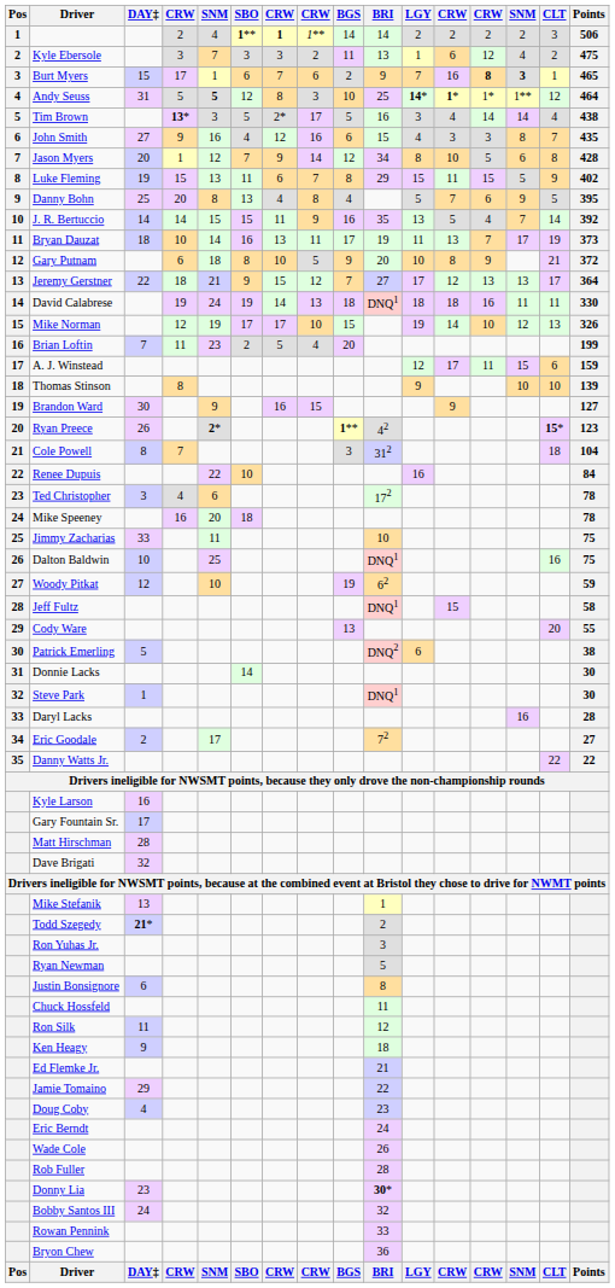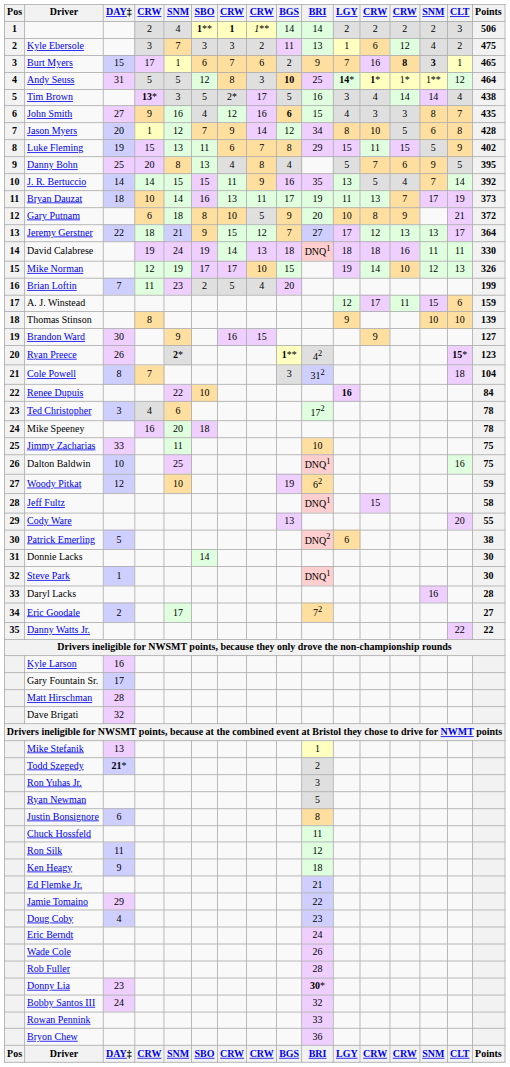 <table class="wikitable" style="font-size:77%; text-align:center;">
 <tr valign="center">
 <th valign="middle">Pos</th>
 <th valign="middle">Driver</th>
 <th><a href='#'>DAY</a>‡</th>
 <th><a href='#'>CRW</a></th>
 <th><a href='#'>SNM</a></th>
 <th><a href='#'>SBO</a></th>
 <th><a href='#'>CRW</a></th>
 <th><a href='#'>CRW</a></th>
 <th><a href='#'>BGS</a></th>
 <th><a href='#'>BRI</a></th>
 <th><a href='#'>LGY</a></th>
 <th><a href='#'>CRW</a></th>
 <th><a href='#'>CRW</a></th>
 <th><a href='#'>SNM</a></th>
 <th><a href='#'>CLT</a></th>
 <th valign="middle">Points</th>
 </tr>
 <tr>
 <th>1</th>
 <td align="left"></td>
 <td></td>
 <td style="background:#DFDFDF;">2</td>
 <td style="background:#DFDFDF;">4</td>
 <td style="background:#FFFFBF;"><strong>1</strong>**</td>
 <td style="background:#FFFFBF;"><strong>1</strong></td>
 <td style="background:#FFFFBF;"><em>1</em>**</td>
 <td style="background:#DFFFDF;">14</td>
 <td style="background:#DFFFDF;">14</td>
 <td style="background:#DFDFDF;">2</td>
 <td style="background:#DFDFDF;">2</td>
 <td style="background:#DFDFDF;">2</td>
 <td style="background:#DFDFDF;">2</td>
 <td style="background:#DFDFDF;">3</td>
 <th>506</th>
 </tr>
 <tr>
 <th>2</th>
 <td align="left"><a href='#'>Kyle Ebersole</a></td>
 <td></td>
 <td style="background:#DFDFDF;">3</td>
 <td style="background:#FFDF9F;">7</td>
 <td style="background:#DFDFDF;">3</td>
 <td style="background:#DFDFDF;">3</td>
 <td style="background:#DFDFDF;">2</td>
 <td style="background:#EFCFFF;">11</td>
 <td style="background:#DFFFDF;">13</td>
 <td style="background:#FFFFBF;">1</td>
 <td style="background:#FFDF9F;">6</td>
 <td style="background:#DFFFDF;">12</td>
 <td style="background:#DFDFDF;">4</td>
 <td style="background:#DFDFDF;">2</td>
 <th>475</th>
 </tr>
 <tr>
 <th>3</th>
 <td align="left"><a href='#'>Burt Myers</a></td>
 <td style="background:#CFCFFF;">15</td>
 <td style="background:#EFCFFF;">17</td>
 <td style="background:#FFFFBF;">1</td>
 <td style="background:#FFDF9F;">6</td>
 <td style="background:#FFDF9F;">7</td>
 <td style="background:#FFDF9F;">6</td>
 <td style="background:#DFDFDF;">2</td>
 <td style="background:#FFDF9F;">9</td>
 <td style="background:#FFDF9F;">7</td>
 <td style="background:#EFCFFF;">16</td>
 <td style="background:#FFDF9F;"><strong>8</strong></td>
 <td style="background:#DFDFDF;"><strong>3</strong></td>
 <td style="background:#FFFFBF;">1</td>
 <th>465</th>
 </tr>
 <tr>
 <th>4</th>
 <td align="left"><a href='#'>Andy Seuss</a></td>
 <td style="background:#EFCFFF;">31</td>
 <td style="background:#DFDFDF;">5</td>
-<td style="background:#DFDFDF;"><strong>5</strong></td>
+<td style="background:#DFDFDF;">5</td>
 <td style="background:#DFFFDF;">12</td>
 <td style="background:#FFDF9F;">8</td>
 <td style="background:#DFDFDF;">3</td>
-<td style="background:#FFDF9F;">10</td>
+<td style="background:#FFDF9F;"><strong>10</strong></td>
 <td style="background:#EFCFFF;">25</td>
 <td style="background:#DFFFDF;"><strong>14</strong>*</td>
 <td style="background:#FFFFBF;"><strong>1</strong>*</td>
 <td style="background:#FFFFBF;">1*</td>
 <td style="background:#FFFFBF;">1**</td>
 <td style="background:#DFFFDF;">12</td>
 <th>464</th>
 </tr>
 <tr>
 <th>5</th>
 <td align="left"><a href='#'>Tim Brown</a></td>
 <td></td>
 <td style="background:#EFCFFF;"><strong>13</strong>*</td>
 <td style="background:#DFDFDF;">3</td>
 <td style="background:#DFDFDF;">5</td>
 <td style="background:#DFDFDF;">2*</td>
 <td style="background:#EFCFFF;">17</td>
 <td style="background:#DFDFDF;">5</td>
 <td style="background:#DFFFDF;">16</td>
 <td style="background:#DFDFDF;">3</td>
 <td style="background:#DFDFDF;">4</td>
 <td style="background:#DFFFDF;">14</td>
 <td style="background:#EFCFFF;">14</td>
 <td style="background:#DFDFDF;">4</td>
 <th>438</th>
 </tr>
 <tr>
 <th>6</th>
 <td align="left"><a href='#'>John Smith</a></td>
 <td style="background:#EFCFFF;">27</td>
 <td style="background:#FFDF9F;">9</td>
 <td style="background:#DFFFDF;">16</td>
 <td style="background:#DFDFDF;">4</td>
 <td style="background:#DFFFDF;">12</td>
 <td style="background:#EFCFFF;">16</td>
-<td style="background:#FFDF9F;">6</td>
+<td style="background:#FFDF9F;"><strong>6</strong></td>
 <td style="background:#DFFFDF;">15</td>
 <td style="background:#DFDFDF;">4</td>
 <td style="background:#DFDFDF;">3</td>
 <td style="background:#DFDFDF;">3</td>
 <td style="background:#FFDF9F;">8</td>
 <td style="background:#FFDF9F;">7</td>
 <th>435</th>
 </tr>
 <tr>
 <th>7</th>
 <td align="left"><a href='#'>Jason Myers</a></td>
 <td style="background:#CFCFFF;">20</td>
 <td style="background:#FFFFBF;">1</td>
 <td style="background:#DFFFDF;">12</td>
 <td style="background:#FFDF9F;">7</td>
 <td style="background:#FFDF9F;">9</td>
 <td style="background:#EFCFFF;">14</td>
 <td style="background:#DFFFDF;">12</td>
 <td style="background:#EFCFFF;">34</td>
 <td style="background:#FFDF9F;">8</td>
 <td style="background:#FFDF9F;">10</td>
 <td style="background:#DFDFDF;">5</td>
 <td style="background:#FFDF9F;">6</td>
 <td style="background:#FFDF9F;">8</td>
 <th>428</th>
 </tr>
 <tr>
 <th>8</th>
 <td align="left"><a href='#'>Luke Fleming</a></td>
 <td style="background:#CFCFFF;">19</td>
 <td style="background:#EFCFFF;">15</td>
 <td style="background:#DFFFDF;">13</td>
 <td style="background:#DFFFDF;">11</td>
 <td style="background:#FFDF9F;">6</td>
 <td style="background:#FFDF9F;">7</td>
 <td style="background:#FFDF9F;">8</td>
 <td style="background:#EFCFFF;">29</td>
 <td style="background:#EFCFFF;">15</td>
 <td style="background:#DFFFDF;">11</td>
 <td style="background:#EFCFFF;">15</td>
 <td style="background:#DFDFDF;">5</td>
 <td style="background:#FFDF9F;">9</td>
 <th>402</th>
 </tr>
 <tr>
 <th>9</th>
 <td align="left"><a href='#'>Danny Bohn</a></td>
 <td style="background:#EFCFFF;">25</td>
 <td style="background:#EFCFFF;">20</td>
 <td style="background:#FFDF9F;">8</td>
 <td style="background:#DFFFDF;">13</td>
 <td style="background:#DFDFDF;">4</td>
 <td style="background:#FFDF9F;">8</td>
 <td style="background:#DFDFDF;">4</td>
 <td></td>
 <td style="background:#DFDFDF;">5</td>
 <td style="background:#FFDF9F;">7</td>
 <td style="background:#FFDF9F;">6</td>
 <td style="background:#FFDF9F;">9</td>
 <td style="background:#DFDFDF;">5</td>
 <th>395</th>
 </tr>
 <tr>
 <th>10</th>
 <td align="left"><a href='#'>J. R. Bertuccio</a></td>
 <td style="background:#CFCFFF;">14</td>
 <td style="background:#DFFFDF;">14</td>
 <td style="background:#DFFFDF;">15</td>
 <td style="background:#EFCFFF;">15</td>
 <td style="background:#DFFFDF;">11</td>
 <td style="background:#FFDF9F;">9</td>
 <td style="background:#EFCFFF;">16</td>
 <td style="background:#EFCFFF;">35</td>
 <td style="background:#DFFFDF;">13</td>
 <td style="background:#DFDFDF;">5</td>
 <td style="background:#DFDFDF;">4</td>
 <td style="background:#FFDF9F;">7</td>
 <td style="background:#DFFFDF;">14</td>
 <th>392</th>
 </tr>
 <tr>
 <th>11</th>
 <td align="left"><a href='#'>Bryan Dauzat</a></td>
 <td style="background:#CFCFFF;">18</td>
 <td style="background:#FFDF9F;">10</td>
 <td style="background:#DFFFDF;">14</td>
 <td style="background:#EFCFFF;">16</td>
 <td style="background:#DFFFDF;">13</td>
 <td style="background:#DFFFDF;">11</td>
 <td style="background:#DFFFDF;">17</td>
 <td style="background:#DFFFDF;">19</td>
 <td style="background:#DFFFDF;">11</td>
 <td style="background:#DFFFDF;">13</td>
 <td style="background:#FFDF9F;">7</td>
 <td style="background:#EFCFFF;">17</td>
 <td style="background:#EFCFFF;">19</td>
 <th>373</th>
 </tr>
 <tr>
 <th>12</th>
 <td align="left"><a href='#'>Gary Putnam</a></td>
 <td></td>
 <td style="background:#FFDF9F;">6</td>
 <td style="background:#DFFFDF;">18</td>
 <td style="background:#FFDF9F;">8</td>
 <td style="background:#FFDF9F;">10</td>
 <td style="background:#DFDFDF;">5</td>
 <td style="background:#FFDF9F;">9</td>
 <td style="background:#DFFFDF;">20</td>
 <td style="background:#FFDF9F;">10</td>
 <td style="background:#FFDF9F;">8</td>
 <td style="background:#FFDF9F;">9</td>
 <td></td>
 <td style="background:#EFCFFF;">21</td>
 <th>372</th>
 </tr>
 <tr>
 <th>13</th>
 <td align="left"><a href='#'>Jeremy Gerstner</a></td>
 <td style="background:#CFCFFF;">22</td>
 <td style="background:#DFFFDF;">18</td>
 <td style="background:#CFCFFF;">21</td>
 <td style="background:#FFDF9F;">9</td>
 <td style="background:#DFFFDF;">15</td>
 <td style="background:#DFFFDF;">12</td>
 <td style="background:#FFDF9F;">7</td>
 <td style="background:#CFCFFF;">27</td>
 <td style="background:#EFCFFF;">17</td>
 <td style="background:#DFFFDF;">12</td>
 <td style="background:#DFFFDF;">13</td>
 <td style="background:#DFFFDF;">13</td>
 <td style="background:#EFCFFF;">17</td>
 <th>364</th>
 </tr>
 <tr>
 <th>14</th>
 <td align="left">David Calabrese</td>
 <td></td>
 <td style="background:#EFCFFF;">19</td>
 <td style="background:#EFCFFF;">24</td>
 <td style="background:#EFCFFF;">19</td>
 <td style="background:#DFFFDF;">14</td>
 <td style="background:#EFCFFF;">13</td>
 <td style="background:#EFCFFF;">18</td>
 <td style="background:#FFCFCF;">DNQ<sup>1</sup></td>
 <td style="background:#EFCFFF;">18</td>
 <td style="background:#EFCFFF;">18</td>
 <td style="background:#EFCFFF;">16</td>
 <td style="background:#DFFFDF;">11</td>
 <td style="background:#DFFFDF;">11</td>
 <th>330</th>
 </tr>
 <tr>
 <th>15</th>
 <td align="left"><a href='#'>Mike Norman</a></td>
 <td></td>
 <td style="background:#DFFFDF;">12</td>
 <td style="background:#DFFFDF;">19</td>
 <td style="background:#EFCFFF;">17</td>
 <td style="background:#EFCFFF;">17</td>
 <td style="background:#FFDF9F;">10</td>
 <td style="background:#DFFFDF;">15</td>
 <td></td>
 <td style="background:#EFCFFF;">19</td>
 <td style="background:#DFFFDF;">14</td>
 <td style="background:#FFDF9F;">10</td>
 <td style="background:#DFFFDF;">12</td>
 <td style="background:#DFFFDF;">13</td>
 <th>326</th>
 </tr>
 <tr>
 <th>16</th>
 <td align="left"><a href='#'>Brian Loftin</a></td>
 <td style="background:#CFCFFF;">7</td>
 <td style="background:#DFFFDF;">11</td>
 <td style="background:#EFCFFF;">23</td>
 <td style="background:#DFDFDF;">2</td>
 <td style="background:#DFDFDF;">5</td>
 <td style="background:#DFDFDF;">4</td>
 <td style="background:#EFCFFF;">20</td>
 <td></td>
 <td></td>
 <td></td>
 <td></td>
 <td></td>
 <td></td>
 <th>199</th>
 </tr>
 <tr>
 <th>17</th>
 <td align="left">A. J. Winstead</td>
 <td></td>
 <td></td>
 <td></td>
 <td></td>
 <td></td>
 <td></td>
 <td></td>
 <td></td>
 <td style="background:#DFFFDF;">12</td>
 <td style="background:#EFCFFF;">17</td>
 <td style="background:#DFFFDF;">11</td>
 <td style="background:#EFCFFF;">15</td>
 <td style="background:#FFDF9F;">6</td>
 <th>159</th>
 </tr>
 <tr>
 <th>18</th>
 <td align="left">Thomas Stinson</td>
 <td></td>
 <td style="background:#FFDF9F;">8</td>
 <td></td>
 <td></td>
 <td></td>
 <td></td>
 <td></td>
 <td></td>
 <td style="background:#FFDF9F;">9</td>
 <td></td>
 <td></td>
 <td style="background:#FFDF9F;">10</td>
 <td style="background:#FFDF9F;">10</td>
 <th>139</th>
 </tr>
 <tr>
 <th>19</th>
 <td align="left"><a href='#'>Brandon Ward</a></td>
 <td style="background:#EFCFFF;">30</td>
 <td></td>
 <td style="background:#FFDF9F;">9</td>
 <td></td>
 <td style="background:#EFCFFF;">16</td>
 <td style="background:#EFCFFF;">15</td>
 <td></td>
 <td></td>
 <td></td>
 <td style="background:#FFDF9F;">9</td>
 <td></td>
 <td></td>
 <td></td>
 <th>127</th>
 </tr>
 <tr>
 <th>20</th>
 <td align="left"><a href='#'>Ryan Preece</a></td>
 <td style="background:#EFCFFF;">26</td>
 <td></td>
 <td style="background:#DFDFDF;"><strong>2</strong>*</td>
 <td></td>
 <td></td>
 <td></td>
 <td style="background:#FFFFBF;"><strong>1</strong>**</td>
 <td style="background:#DFDFDF;">4<sup>2</sup></td>
 <td></td>
 <td></td>
 <td></td>
 <td></td>
 <td style="background:#EFCFFF;"><strong>15</strong>*</td>
 <th>123</th>
 </tr>
 <tr>
 <th>21</th>
 <td align="left"><a href='#'>Cole Powell</a></td>
 <td style="background:#CFCFFF;">8</td>
 <td style="background:#FFDF9F;">7</td>
 <td></td>
 <td></td>
 <td></td>
 <td></td>
 <td style="background:#DFDFDF;">3</td>
 <td style="background:#CFCFFF;">31<sup>2</sup></td>
 <td></td>
 <td></td>
 <td></td>
 <td></td>
 <td style="background:#EFCFFF;">18</td>
 <th>104</th>
 </tr>
 <tr>
 <th>22</th>
 <td align="left"><a href='#'>Renee Dupuis</a></td>
 <td></td>
 <td></td>
 <td style="background:#EFCFFF;">22</td>
 <td style="background:#FFDF9F;">10</td>
 <td></td>
 <td></td>
 <td></td>
 <td></td>
-<td style="background:#EFCFFF;">16</td>
+<td style="background:#EFCFFF;"><strong>16</strong></td>
 <td></td>
 <td></td>
 <td></td>
 <td></td>
 <th>84</th>
 </tr>
 <tr>
 <th>23</th>
 <td align="left"><a href='#'>Ted Christopher</a></td>
 <td style="background:#CFCFFF;">3</td>
 <td style="background:#DFDFDF;">4</td>
 <td style="background:#FFDF9F;">6</td>
 <td></td>
 <td></td>
 <td></td>
 <td></td>
 <td style="background:#DFFFDF;">17<sup>2</sup></td>
 <td></td>
 <td></td>
 <td></td>
 <td></td>
 <td></td>
 <th>78</th>
 </tr>
 <tr>
 <th>24</th>
 <td align="left">Mike Speeney</td>
 <td></td>
 <td style="background:#EFCFFF;">16</td>
 <td style="background:#DFFFDF;">20</td>
 <td style="background:#EFCFFF;">18</td>
 <td></td>
 <td></td>
 <td></td>
 <td></td>
 <td></td>
 <td></td>
 <td></td>
 <td></td>
 <td></td>
 <th>78</th>
 </tr>
 <tr>
 <th>25</th>
 <td align="left"><a href='#'>Jimmy Zacharias</a></td>
 <td style="background:#EFCFFF;">33</td>
 <td></td>
 <td style="background:#DFFFDF;">11</td>
 <td></td>
 <td></td>
 <td></td>
 <td></td>
 <td style="background:#FFDF9F;">10</td>
 <td></td>
 <td></td>
 <td></td>
 <td></td>
 <td></td>
 <th>75</th>
 </tr>
 <tr>
 <th>26</th>
 <td align="left">Dalton Baldwin</td>
 <td style="background:#CFCFFF;">10</td>
 <td></td>
 <td style="background:#EFCFFF;">25</td>
 <td></td>
 <td></td>
 <td></td>
 <td></td>
 <td style="background:#FFCFCF;">DNQ<sup>1</sup></td>
 <td></td>
 <td></td>
 <td></td>
 <td></td>
 <td style="background:#DFFFDF;">16</td>
 <th>75</th>
 </tr>
 <tr>
 <th>27</th>
 <td align="left"><a href='#'>Woody Pitkat</a></td>
 <td style="background:#CFCFFF;">12</td>
 <td></td>
 <td style="background:#FFDF9F;">10</td>
 <td></td>
 <td></td>
 <td></td>
 <td style="background:#EFCFFF;">19</td>
 <td style="background:#FFDF9F;">6<sup>2</sup></td>
 <td></td>
 <td></td>
 <td></td>
 <td></td>
 <td></td>
 <th>59</th>
 </tr>
 <tr>
 <th>28</th>
 <td align="left"><a href='#'>Jeff Fultz</a></td>
 <td></td>
 <td></td>
 <td></td>
 <td></td>
 <td></td>
 <td></td>
 <td></td>
 <td style="background:#FFCFCF;">DNQ<sup>1</sup></td>
 <td></td>
 <td style="background:#EFCFFF;">15</td>
 <td></td>
 <td></td>
 <td></td>
 <th>58</th>
 </tr>
 <tr>
 <th>29</th>
 <td align="left"><a href='#'>Cody Ware</a></td>
 <td></td>
 <td></td>
 <td></td>
 <td></td>
 <td></td>
 <td></td>
 <td style="background:#EFCFFF;">13</td>
 <td></td>
 <td></td>
 <td></td>
 <td></td>
 <td></td>
 <td style="background:#EFCFFF;">20</td>
 <th>55</th>
 </tr>
 <tr>
 <th>30</th>
 <td align="left"><a href='#'>Patrick Emerling</a></td>
 <td style="background:#CFCFFF;">5</td>
 <td></td>
 <td></td>
 <td></td>
 <td></td>
 <td></td>
 <td></td>
 <td style="background:#FFCFCF;">DNQ<sup>2</sup></td>
 <td style="background:#FFDF9F;">6</td>
 <td></td>
 <td></td>
 <td></td>
 <td></td>
 <th>38</th>
 </tr>
 <tr>
 <th>31</th>
 <td align="left">Donnie Lacks</td>
 <td></td>
 <td></td>
 <td></td>
 <td style="background:#DFFFDF;">14</td>
 <td></td>
 <td></td>
 <td></td>
 <td></td>
 <td></td>
 <td></td>
 <td></td>
 <td></td>
 <td></td>
 <th>30</th>
 </tr>
 <tr>
 <th>32</th>
 <td align="left"><a href='#'>Steve Park</a></td>
 <td style="background:#CFCFFF;">1</td>
 <td></td>
 <td></td>
 <td></td>
 <td></td>
 <td></td>
 <td></td>
 <td style="background:#FFCFCF;">DNQ<sup>1</sup></td>
 <td></td>
 <td></td>
 <td></td>
 <td></td>
 <td></td>
 <th>30</th>
 </tr>
 <tr>
 <th>33</th>
 <td align="left">Daryl Lacks</td>
 <td></td>
 <td></td>
 <td></td>
 <td></td>
 <td></td>
 <td></td>
 <td></td>
 <td></td>
 <td></td>
 <td></td>
 <td></td>
 <td style="background:#EFCFFF;">16</td>
 <td></td>
 <th>28</th>
 </tr>
 <tr>
 <th>34</th>
 <td align="left"><a href='#'>Eric Goodale</a></td>
 <td style="background:#CFCFFF;">2</td>
 <td></td>
 <td style="background:#DFFFDF;">17</td>
 <td></td>
 <td></td>
 <td></td>
 <td></td>
 <td style="background:#FFDF9F;">7<sup>2</sup></td>
 <td></td>
 <td></td>
 <td></td>
 <td></td>
 <td></td>
 <th>27</th>
 </tr>
 <tr>
 <th>35</th>
 <td align="left"><a href='#'>Danny Watts Jr.</a></td>
 <td></td>
 <td></td>
 <td></td>
 <td></td>
 <td></td>
 <td></td>
 <td></td>
 <td></td>
 <td></td>
 <td></td>
 <td></td>
 <td></td>
 <td style="background:#EFCFFF;">22</td>
 <th>22</th>
 </tr>
 <tr>
 <th colspan=18>Drivers ineligible for NWSMT points, because they only drove the non-championship rounds</th>
 </tr>
 <tr>
 <th></th>
 <td align="left"><a href='#'>Kyle Larson</a></td>
 <td style="background:#EFCFFF;">16</td>
 <td></td>
 <td></td>
 <td></td>
 <td></td>
 <td></td>
 <td></td>
 <td></td>
 <td></td>
 <td></td>
 <td></td>
 <td></td>
 <td></td>
 <th></th>
 </tr>
 <tr>
 <th></th>
 <td align="left">Gary Fountain Sr.</td>
 <td style="background:#CFCFFF;">17</td>
 <td></td>
 <td></td>
 <td></td>
 <td></td>
 <td></td>
 <td></td>
 <td></td>
 <td></td>
 <td></td>
 <td></td>
 <td></td>
 <td></td>
 <th></th>
 </tr>
 <tr>
 <th></th>
 <td align="left"><a href='#'>Matt Hirschman</a></td>
 <td style="background:#EFCFFF;">28</td>
 <td></td>
 <td></td>
 <td></td>
 <td></td>
 <td></td>
 <td></td>
 <td></td>
 <td></td>
 <td></td>
 <td></td>
 <td></td>
 <td></td>
 <th></th>
 </tr>
 <tr>
 <th></th>
 <td align="left">Dave Brigati</td>
 <td style="background:#EFCFFF;">32</td>
 <td></td>
 <td></td>
 <td></td>
 <td></td>
 <td></td>
 <td></td>
 <td></td>
 <td></td>
 <td></td>
 <td></td>
 <td></td>
 <td></td>
 <th></th>
 </tr>
 <tr>
 <th colspan=18>Drivers ineligible for NWSMT points, because at the combined event at Bristol they chose to drive for <a href='#'>NWMT</a> points</th>
 </tr>
 <tr>
 <th></th>
 <td align="left"><a href='#'>Mike Stefanik</a></td>
 <td style="background:#EFCFFF;">13</td>
 <td></td>
 <td></td>
 <td></td>
 <td></td>
 <td></td>
 <td></td>
 <td style="background:#FFFFBF;">1</td>
 <td></td>
 <td></td>
 <td></td>
 <td></td>
 <td></td>
 <th></th>
 </tr>
 <tr>
 <th></th>
 <td align="left"><a href='#'>Todd Szegedy</a></td>
 <td style="background:#CFCFFF;"><strong>21</strong>*</td>
 <td></td>
 <td></td>
 <td></td>
 <td></td>
 <td></td>
 <td></td>
 <td style="background:#DFDFDF;">2</td>
 <td></td>
 <td></td>
 <td></td>
 <td></td>
 <td></td>
 <th></th>
 </tr>
 <tr>
 <th></th>
 <td align="left"><a href='#'>Ron Yuhas Jr.</a></td>
 <td></td>
 <td></td>
 <td></td>
 <td></td>
 <td></td>
 <td></td>
 <td></td>
 <td style="background:#DFDFDF;">3</td>
 <td></td>
 <td></td>
 <td></td>
 <td></td>
 <td></td>
 <th></th>
 </tr>
 <tr>
 <th></th>
 <td align="left"><a href='#'>Ryan Newman</a></td>
 <td></td>
 <td></td>
 <td></td>
 <td></td>
 <td></td>
 <td></td>
 <td></td>
 <td style="background:#DFDFDF;">5</td>
 <td></td>
 <td></td>
 <td></td>
 <td></td>
 <td></td>
 <th></th>
 </tr>
 <tr>
 <th></th>
 <td align="left"><a href='#'>Justin Bonsignore</a></td>
 <td style="background:#CFCFFF;">6</td>
 <td></td>
 <td></td>
 <td></td>
 <td></td>
 <td></td>
 <td></td>
 <td style="background:#FFDF9F;">8</td>
 <td></td>
 <td></td>
 <td></td>
 <td></td>
 <td></td>
 <th></th>
 </tr>
 <tr>
 <th></th>
 <td align="left"><a href='#'>Chuck Hossfeld</a></td>
 <td></td>
 <td></td>
 <td></td>
 <td></td>
 <td></td>
 <td></td>
 <td></td>
 <td style="background:#DFFFDF;">11</td>
 <td></td>
 <td></td>
 <td></td>
 <td></td>
 <td></td>
 <th></th>
 </tr>
 <tr>
 <th></th>
 <td align="left"><a href='#'>Ron Silk</a></td>
 <td style="background:#CFCFFF;">11</td>
 <td></td>
 <td></td>
 <td></td>
 <td></td>
 <td></td>
 <td></td>
 <td style="background:#DFFFDF;">12</td>
 <td></td>
 <td></td>
 <td></td>
 <td></td>
 <td></td>
 <th></th>
 </tr>
 <tr>
 <th></th>
 <td align="left"><a href='#'>Ken Heagy</a></td>
 <td style="background:#CFCFFF;">9</td>
 <td></td>
 <td></td>
 <td></td>
 <td></td>
 <td></td>
 <td></td>
 <td style="background:#DFFFDF;">18</td>
 <td></td>
 <td></td>
 <td></td>
 <td></td>
 <td></td>
 <th></th>
 </tr>
 <tr>
 <th></th>
 <td align="left"><a href='#'>Ed Flemke Jr.</a></td>
 <td></td>
 <td></td>
 <td></td>
 <td></td>
 <td></td>
 <td></td>
 <td></td>
 <td style="background:#CFCFFF;">21</td>
 <td></td>
 <td></td>
 <td></td>
 <td></td>
 <td></td>
 <th></th>
 </tr>
 <tr>
 <th></th>
 <td align="left"><a href='#'>Jamie Tomaino</a></td>
 <td style="background:#EFCFFF;">29</td>
 <td></td>
 <td></td>
 <td></td>
 <td></td>
 <td></td>
 <td></td>
 <td style="background:#CFCFFF;">22</td>
 <td></td>
 <td></td>
 <td></td>
 <td></td>
 <td></td>
 <th></th>
 </tr>
 <tr>
 <th></th>
 <td align="left"><a href='#'>Doug Coby</a></td>
 <td style="background:#CFCFFF;">4</td>
 <td></td>
 <td></td>
 <td></td>
 <td></td>
 <td></td>
 <td></td>
 <td style="background:#CFCFFF;">23</td>
 <td></td>
 <td></td>
 <td></td>
 <td></td>
 <td></td>
 <th></th>
 </tr>
 <tr>
 <th></th>
 <td align="left"><a href='#'>Eric Berndt</a></td>
 <td></td>
 <td></td>
 <td></td>
 <td></td>
 <td></td>
 <td></td>
 <td></td>
 <td style="background:#EFCFFF;">24</td>
 <td></td>
 <td></td>
 <td></td>
 <td></td>
 <td></td>
 <th></th>
 </tr>
 <tr>
 <th></th>
 <td align="left"><a href='#'>Wade Cole</a></td>
 <td></td>
 <td></td>
 <td></td>
 <td></td>
 <td></td>
 <td></td>
 <td></td>
 <td style="background:#EFCFFF;">26</td>
 <td></td>
 <td></td>
 <td></td>
 <td></td>
 <td></td>
 <th></th>
 </tr>
 <tr>
 <th></th>
 <td align="left"><a href='#'>Rob Fuller</a></td>
 <td></td>
 <td></td>
 <td></td>
 <td></td>
 <td></td>
 <td></td>
 <td></td>
 <td style="background:#EFCFFF;">28</td>
 <td></td>
 <td></td>
 <td></td>
 <td></td>
 <td></td>
 <th></th>
 </tr>
 <tr>
 <th></th>
 <td align="left"><a href='#'>Donny Lia</a></td>
 <td style="background:#EFCFFF;">23</td>
 <td></td>
 <td></td>
 <td></td>
 <td></td>
 <td></td>
 <td></td>
 <td style="background:#EFCFFF;"><strong>30</strong>*</td>
 <td></td>
 <td></td>
 <td></td>
 <td></td>
 <td></td>
 <th></th>
 </tr>
 <tr>
 <th></th>
 <td align="left"><a href='#'>Bobby Santos III</a></td>
 <td style="background:#EFCFFF;">24</td>
 <td></td>
 <td></td>
 <td></td>
 <td></td>
 <td></td>
 <td></td>
 <td style="background:#EFCFFF;">32</td>
 <td></td>
 <td></td>
 <td></td>
 <td></td>
 <td></td>
 <th></th>
 </tr>
 <tr>
 <th></th>
 <td align="left"><a href='#'>Rowan Pennink</a></td>
 <td></td>
 <td></td>
 <td></td>
 <td></td>
 <td></td>
 <td></td>
 <td></td>
 <td style="background:#EFCFFF;">33</td>
 <td></td>
 <td></td>
 <td></td>
 <td></td>
 <td></td>
 <th></th>
 </tr>
 <tr>
 <th></th>
 <td align="left"><a href='#'>Bryon Chew</a></td>
 <td></td>
 <td></td>
 <td></td>
 <td></td>
 <td></td>
 <td></td>
 <td></td>
 <td style="background:#EFCFFF;">36</td>
 <td></td>
 <td></td>
 <td></td>
 <td></td>
 <td></td>
 <th></th>
 </tr>
 <tr valign="center">
 <th valign="middle">Pos</th>
 <th valign="middle">Driver</th>
 <th><a href='#'>DAY</a>‡</th>
 <th><a href='#'>CRW</a></th>
 <th><a href='#'>SNM</a></th>
 <th><a href='#'>SBO</a></th>
 <th><a href='#'>CRW</a></th>
 <th><a href='#'>CRW</a></th>
 <th><a href='#'>BGS</a></th>
 <th><a href='#'>BRI</a></th>
 <th><a href='#'>LGY</a></th>
 <th><a href='#'>CRW</a></th>
 <th><a href='#'>CRW</a></th>
 <th><a href='#'>SNM</a></th>
 <th><a href='#'>CLT</a></th>
 <th valign="middle">Points</th>
 </tr>
 </table>
